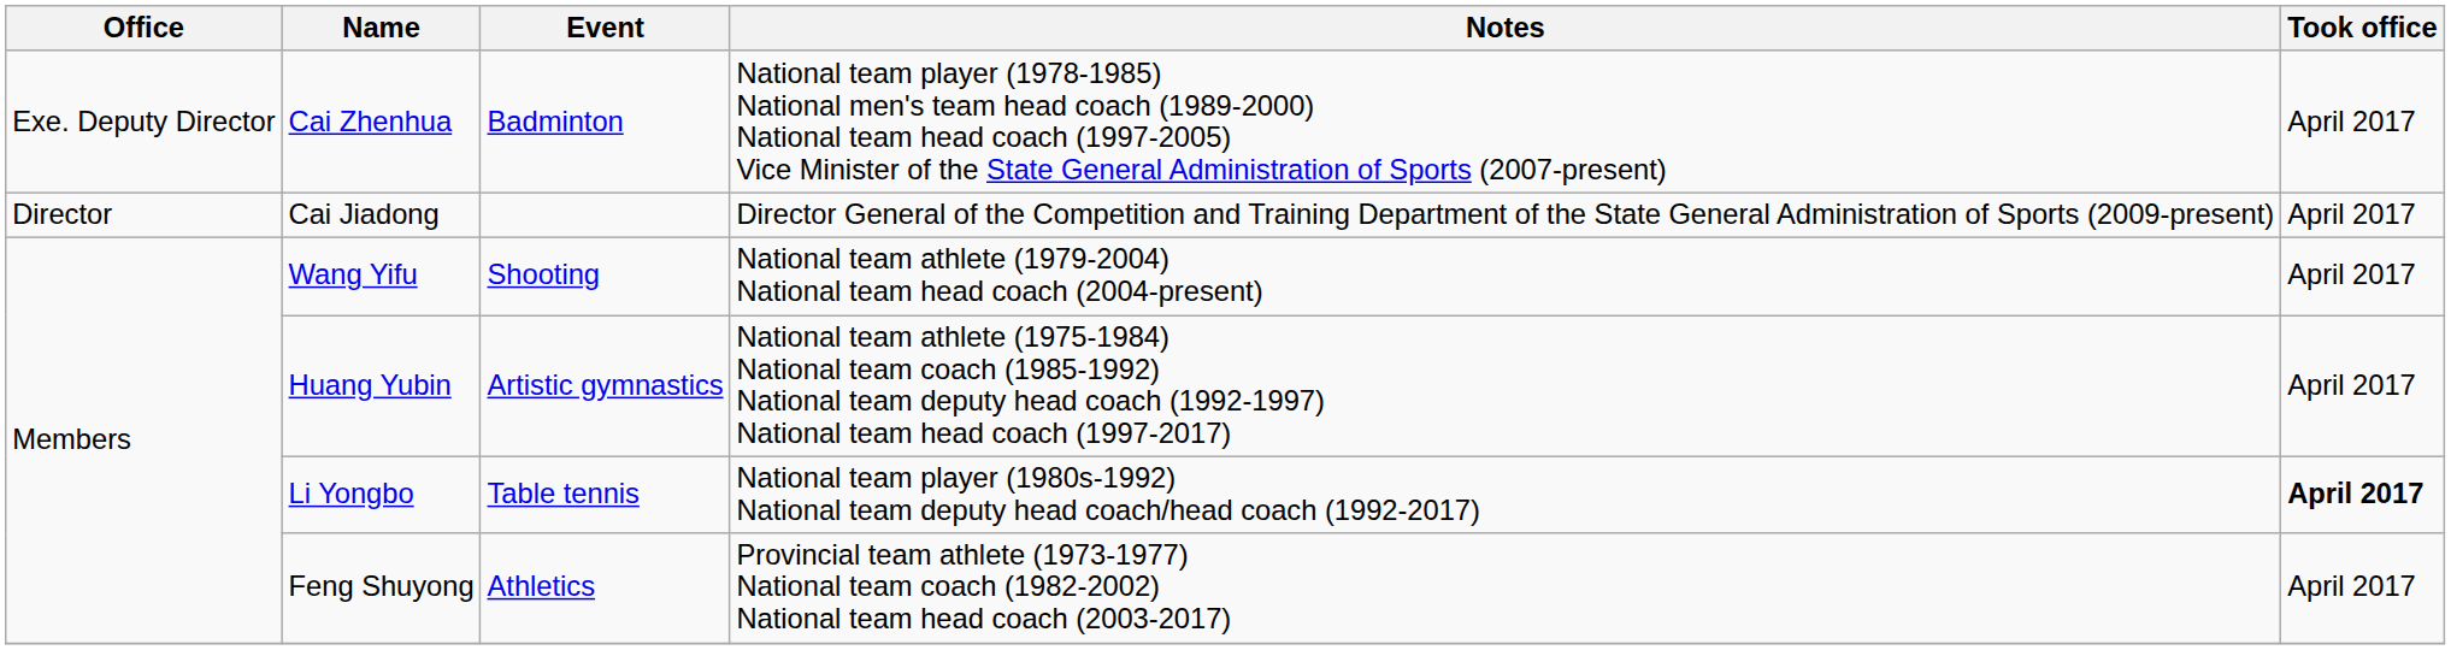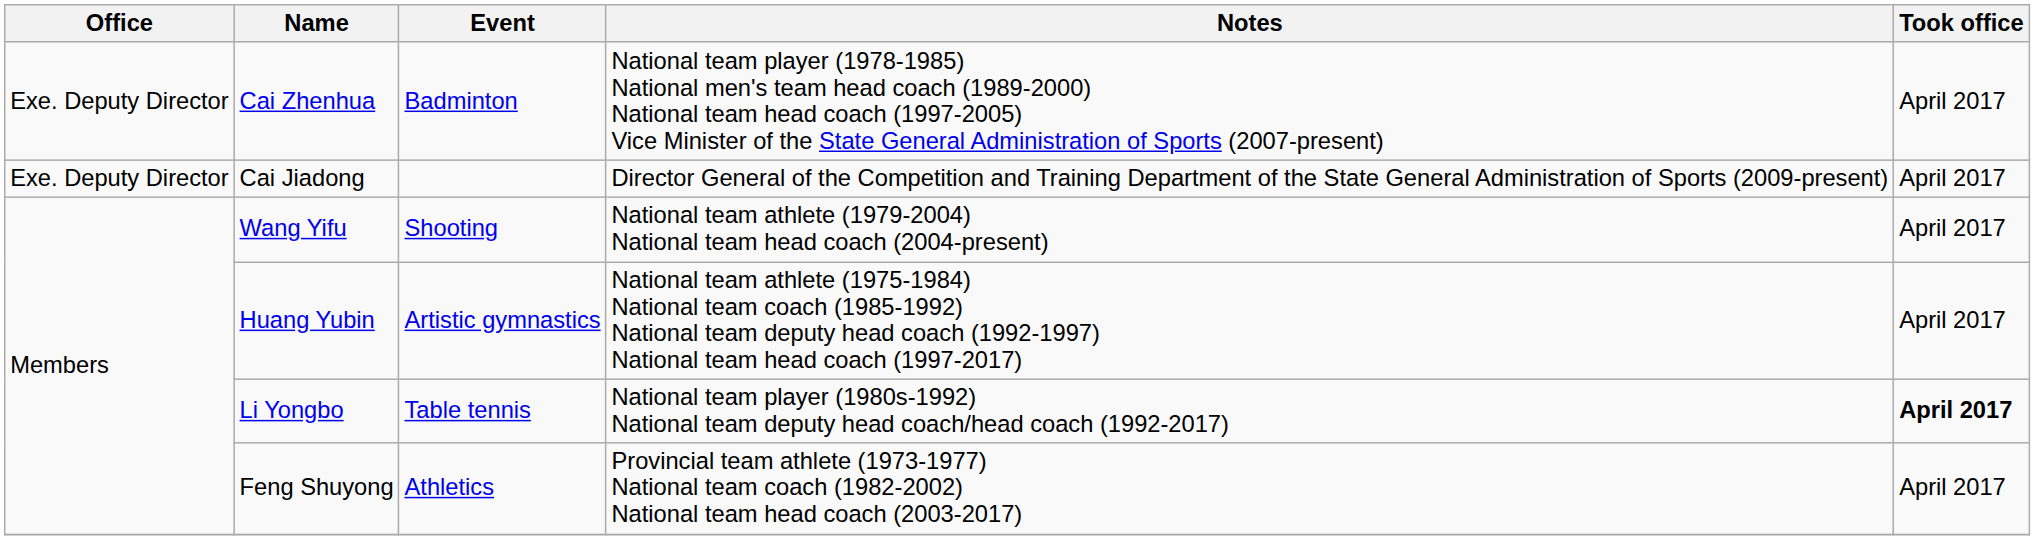 <table class="wikitable" style="text-align: left;">
 <tr>
 <th>Office</th>
 <th>Name</th>
 <th>Event</th>
 <th>Notes</th>
 <th>Took office</th>
 </tr>
 <tr>
 <td>Exe. Deputy Director</td>
 <td><a href='#'>Cai Zhenhua</a></td>
 <td><a href='#'>Badminton</a></td>
 <td>National team player (1978-1985)<br>National men's team head coach (1989-2000)<br>National team head coach (1997-2005)<br>Vice Minister of the <a href='#'>State General Administration of Sports</a> (2007-present)</td>
 <td>April 2017</td>
 </tr>
 <tr>
-<td>Director</td>
+<td>Exe. Deputy Director</td>
 <td>Cai Jiadong</td>
 <td></td>
 <td>Director General of the Competition and Training Department of the State General Administration of Sports (2009-present)</td>
 <td>April 2017</td>
 </tr>
 <tr>
 <td rowspan=4>Members</td>
 <td><a href='#'>Wang Yifu</a></td>
 <td><a href='#'>Shooting</a></td>
 <td>National team athlete (1979-2004)<br>National team head coach (2004-present)</td>
 <td>April 2017</td>
 </tr>
 <tr>
 <td><a href='#'>Huang Yubin</a></td>
 <td><a href='#'>Artistic gymnastics</a></td>
 <td>National team athlete (1975-1984)<br>National team coach (1985-1992)<br>National team deputy head coach (1992-1997)<br>National team head coach (1997-2017)</td>
 <td>April 2017</td>
 </tr>
 <tr>
 <td><a href='#'>Li Yongbo</a></td>
 <td><a href='#'>Table tennis</a></td>
 <td>National team player (1980s-1992)<br>National team deputy head coach/head coach (1992-2017)</td>
 <td><strong>April 2017</strong></td>
 </tr>
 <tr>
 <td>Feng Shuyong</td>
 <td><a href='#'>Athletics</a></td>
 <td>Provincial team athlete (1973-1977)<br>National team coach (1982-2002)<br>National team head coach (2003-2017)</td>
 <td>April 2017</td>
 </tr>
 <tr>
 </tr>
 </table>
